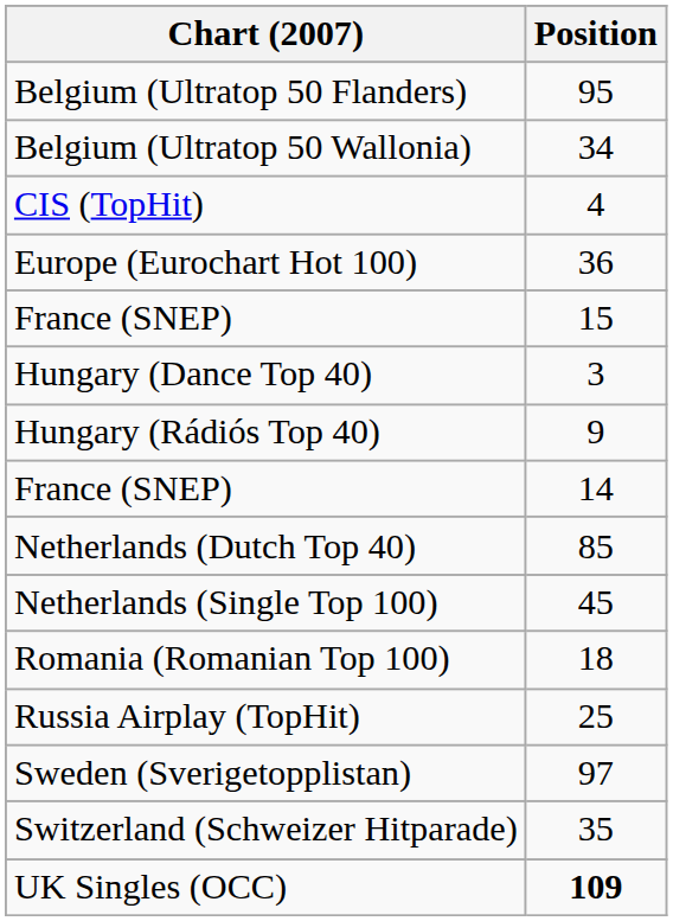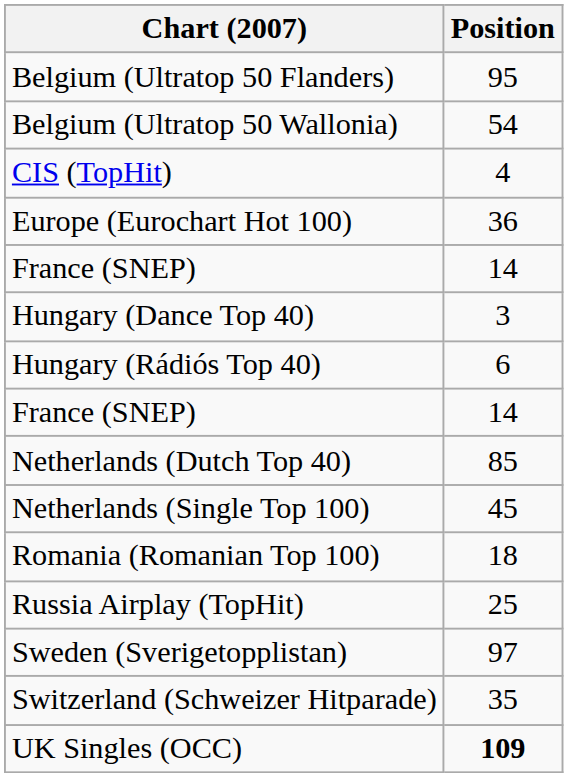 <table class="wikitable sortable">
 <tr>
 <th>Chart (2007)</th>
 <th>Position</th>
 </tr>
 <tr>
 <td>Belgium (Ultratop 50 Flanders)</td>
 <td align="center">95</td>
 </tr>
 <tr>
 <td>Belgium (Ultratop 50 Wallonia)</td>
-<td align="center">34</td>
+<td align="center">54</td>
 </tr>
 <tr>
 <td><a href='#'>CIS</a> (<a href='#'>TopHit</a>)</td>
 <td align="center">4</td>
 </tr>
 <tr>
 <td>Europe (Eurochart Hot 100)</td>
 <td align="center">36</td>
 </tr>
 <tr>
 <td>France (SNEP)</td>
-<td align="center">15</td>
+<td align="center">14</td>
 </tr>
 <tr>
 <td>Hungary (Dance Top 40)</td>
 <td align="center">3</td>
 </tr>
 <tr>
 <td>Hungary (Rádiós Top 40)</td>
-<td align="center">9</td>
+<td align="center">6</td>
 </tr>
 <tr>
 <td>France (SNEP)</td>
 <td align="center">14</td>
 </tr>
 <tr>
 <td>Netherlands (Dutch Top 40)</td>
 <td align="center">85</td>
 </tr>
 <tr>
 <td>Netherlands (Single Top 100)</td>
 <td align="center">45</td>
 </tr>
 <tr>
 <td>Romania (Romanian Top 100)</td>
 <td align="center">18</td>
 </tr>
 <tr>
 <td>Russia Airplay (TopHit)</td>
 <td align="center">25</td>
 </tr>
 <tr>
 <td>Sweden (Sverigetopplistan)</td>
 <td align="center">97</td>
 </tr>
 <tr>
 <td>Switzerland (Schweizer Hitparade)</td>
 <td align="center">35</td>
 </tr>
 <tr>
 <td>UK Singles (OCC)</td>
 <td align="center"><strong>109</strong></td>
 </tr>
 </table>
